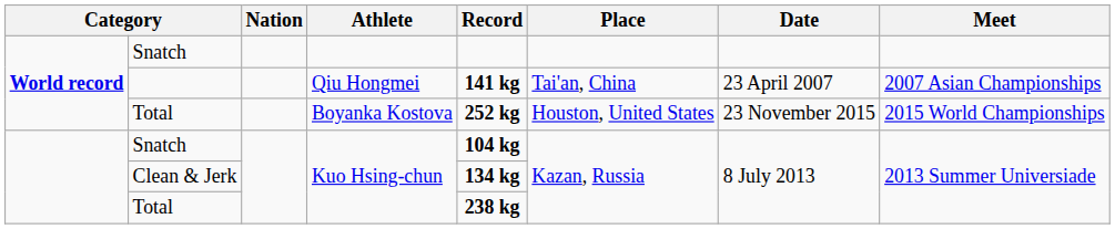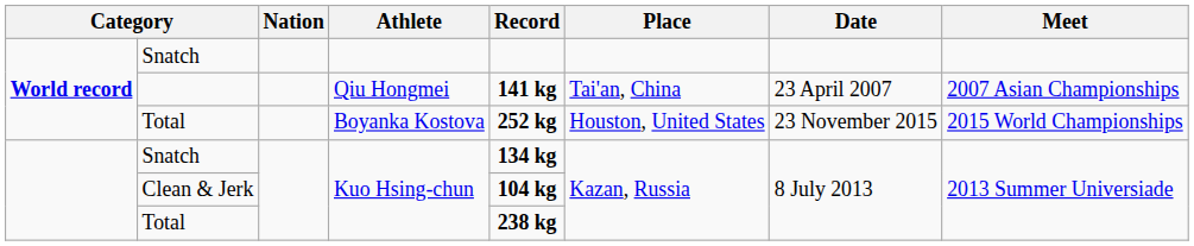 <table class="wikitable" style="text-align:center;">
 <tr>
 <th colspan="2">Category</th>
 <th>Nation</th>
 <th>Athlete</th>
 <th>Record</th>
 <th>Place</th>
 <th>Date</th>
 <th>Meet</th>
 </tr>
 <tr>
 <td rowspan="3"><strong><a href='#'>World record</a></strong></td>
 <td align="left">Snatch</td>
 <td align="left"></td>
 <td align="left"></td>
 <td><strong></strong></td>
 <td align="left"></td>
 <td align="left"></td>
 <td align="left"></td>
 </tr>
 <tr>
 <td align="left"></td>
 <td align="left"></td>
 <td align="left"><a href='#'>Qiu Hongmei</a></td>
 <td><strong>141 kg</strong></td>
 <td align="left"><a href='#'>Tai'an</a>, <a href='#'>China</a></td>
 <td align="left">23 April 2007</td>
 <td align="left"><a href='#'>2007 Asian Championships</a></td>
 </tr>
 <tr>
 <td align="left">Total</td>
 <td align="left"></td>
 <td align="left"><a href='#'>Boyanka Kostova</a></td>
 <td><strong>252 kg</strong></td>
 <td align="left"><a href='#'>Houston</a>, <a href='#'>United States</a></td>
 <td align="left">23 November 2015</td>
 <td align="left"><a href='#'>2015 World Championships</a></td>
 </tr>
 <tr>
 <td rowspan="3"><strong></strong></td>
 <td align="left">Snatch</td>
 <td align="left" rowspan="3"></td>
 <td align="left" rowspan="3"><a href='#'>Kuo Hsing-chun</a></td>
-<td><strong>104 kg</strong></td>
+<td><strong>134 kg</strong></td>
 <td align="left" rowspan="3"><a href='#'>Kazan</a>, <a href='#'>Russia</a></td>
 <td align="left" rowspan="3">8 July 2013</td>
 <td align="left" rowspan="3"><a href='#'>2013 Summer Universiade</a></td>
 </tr>
 <tr>
 <td align="left">Clean & Jerk</td>
-<td><strong>134 kg</strong></td>
+<td><strong>104 kg</strong></td>
 </tr>
 <tr>
 <td align="left">Total</td>
 <td><strong>238 kg</strong></td>
 </tr>
 </table>
